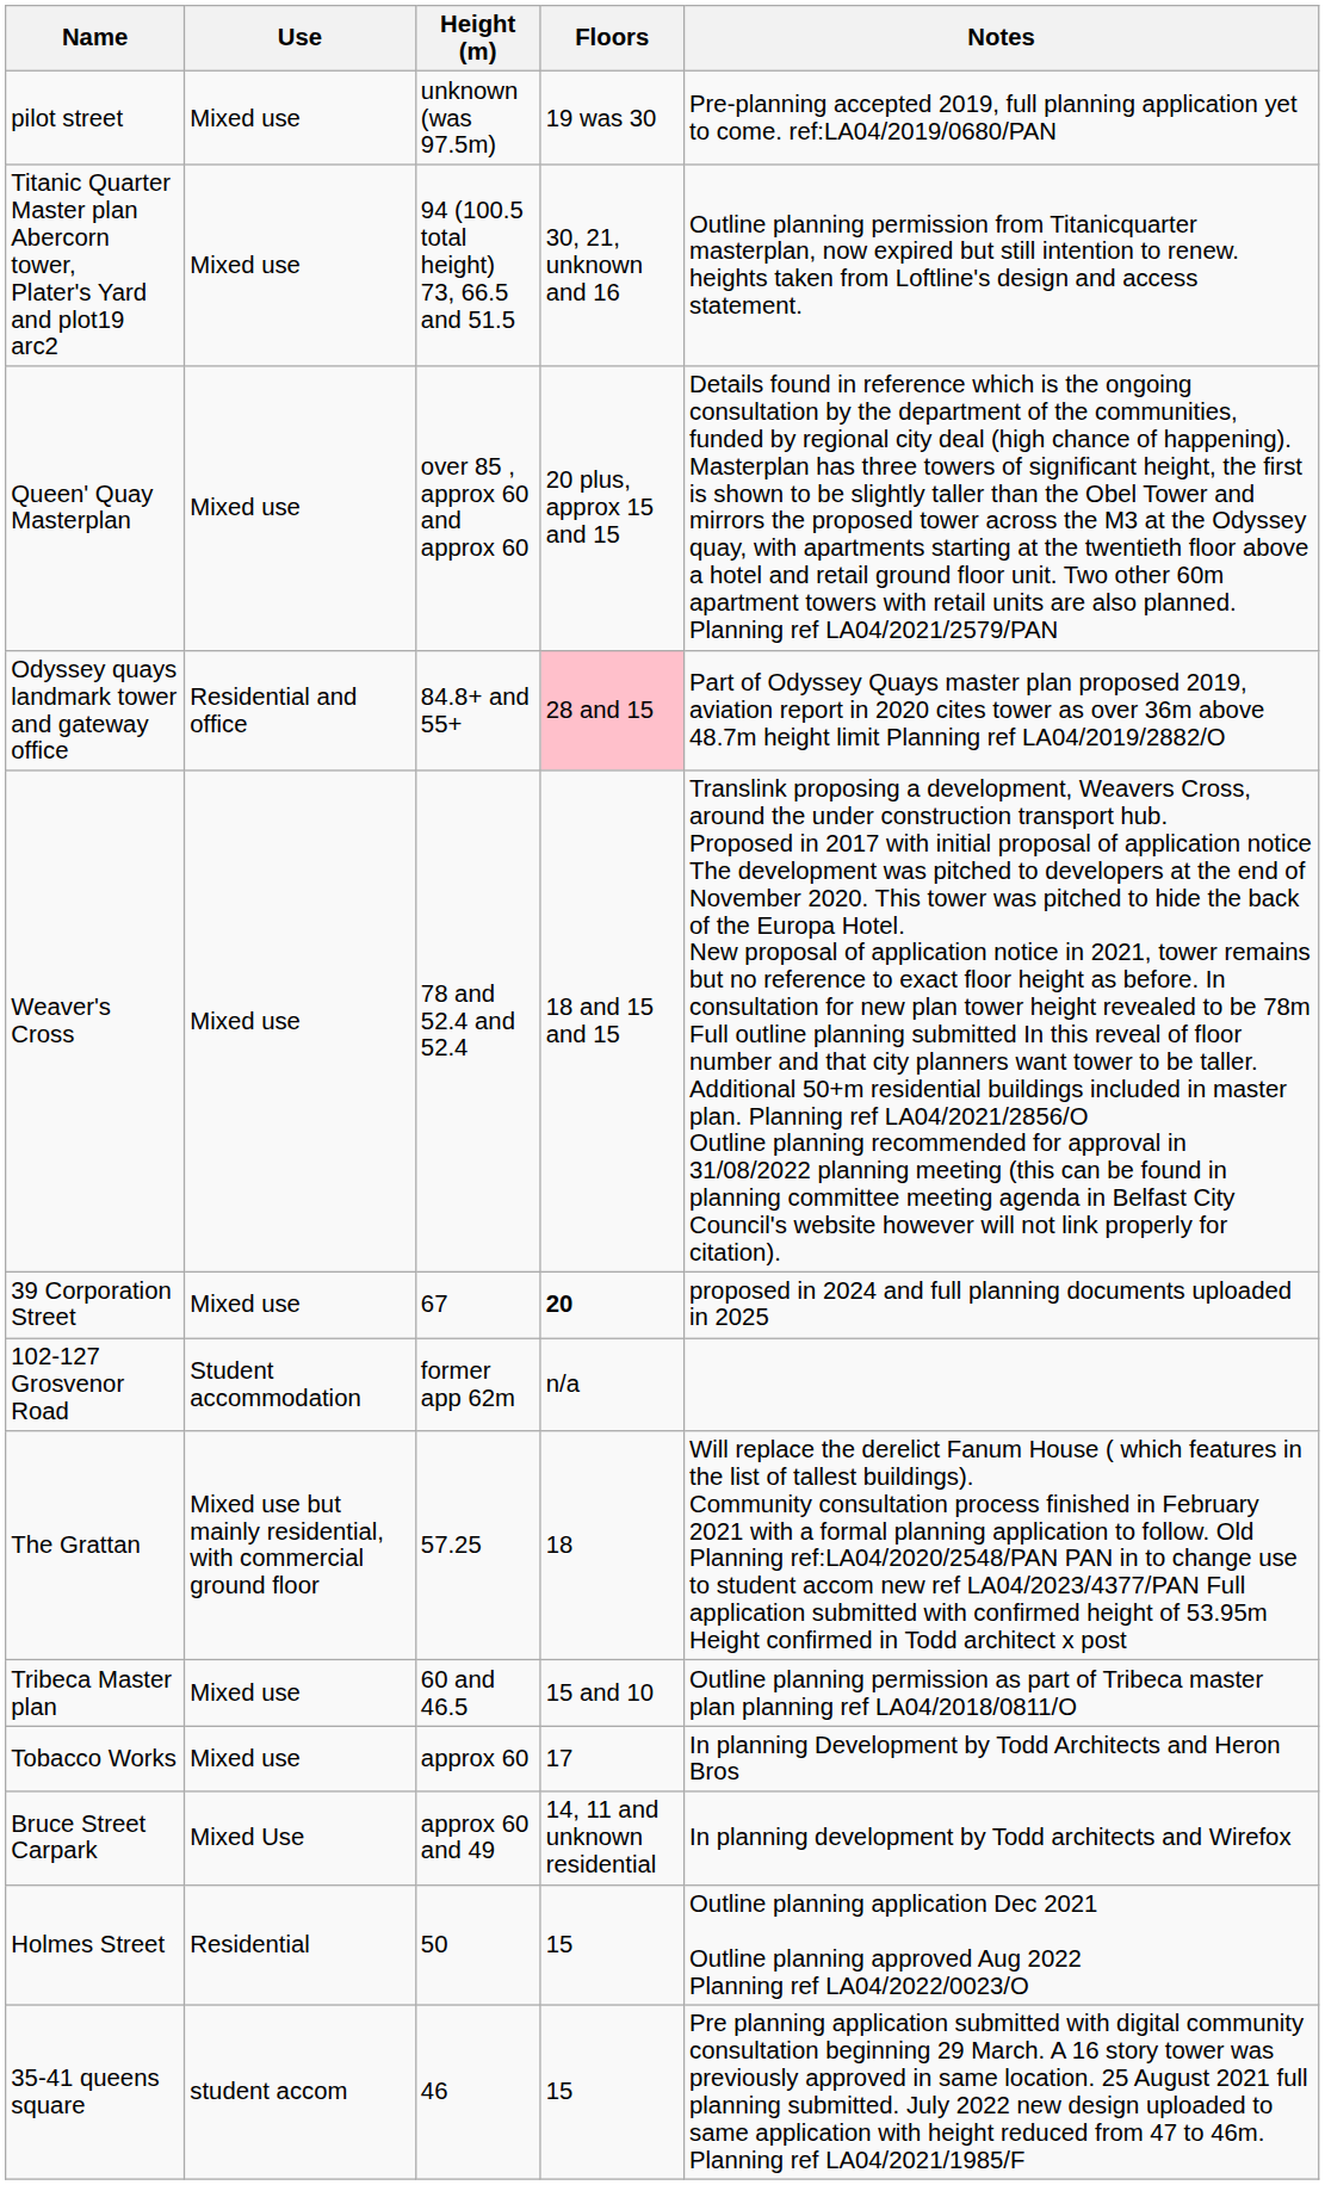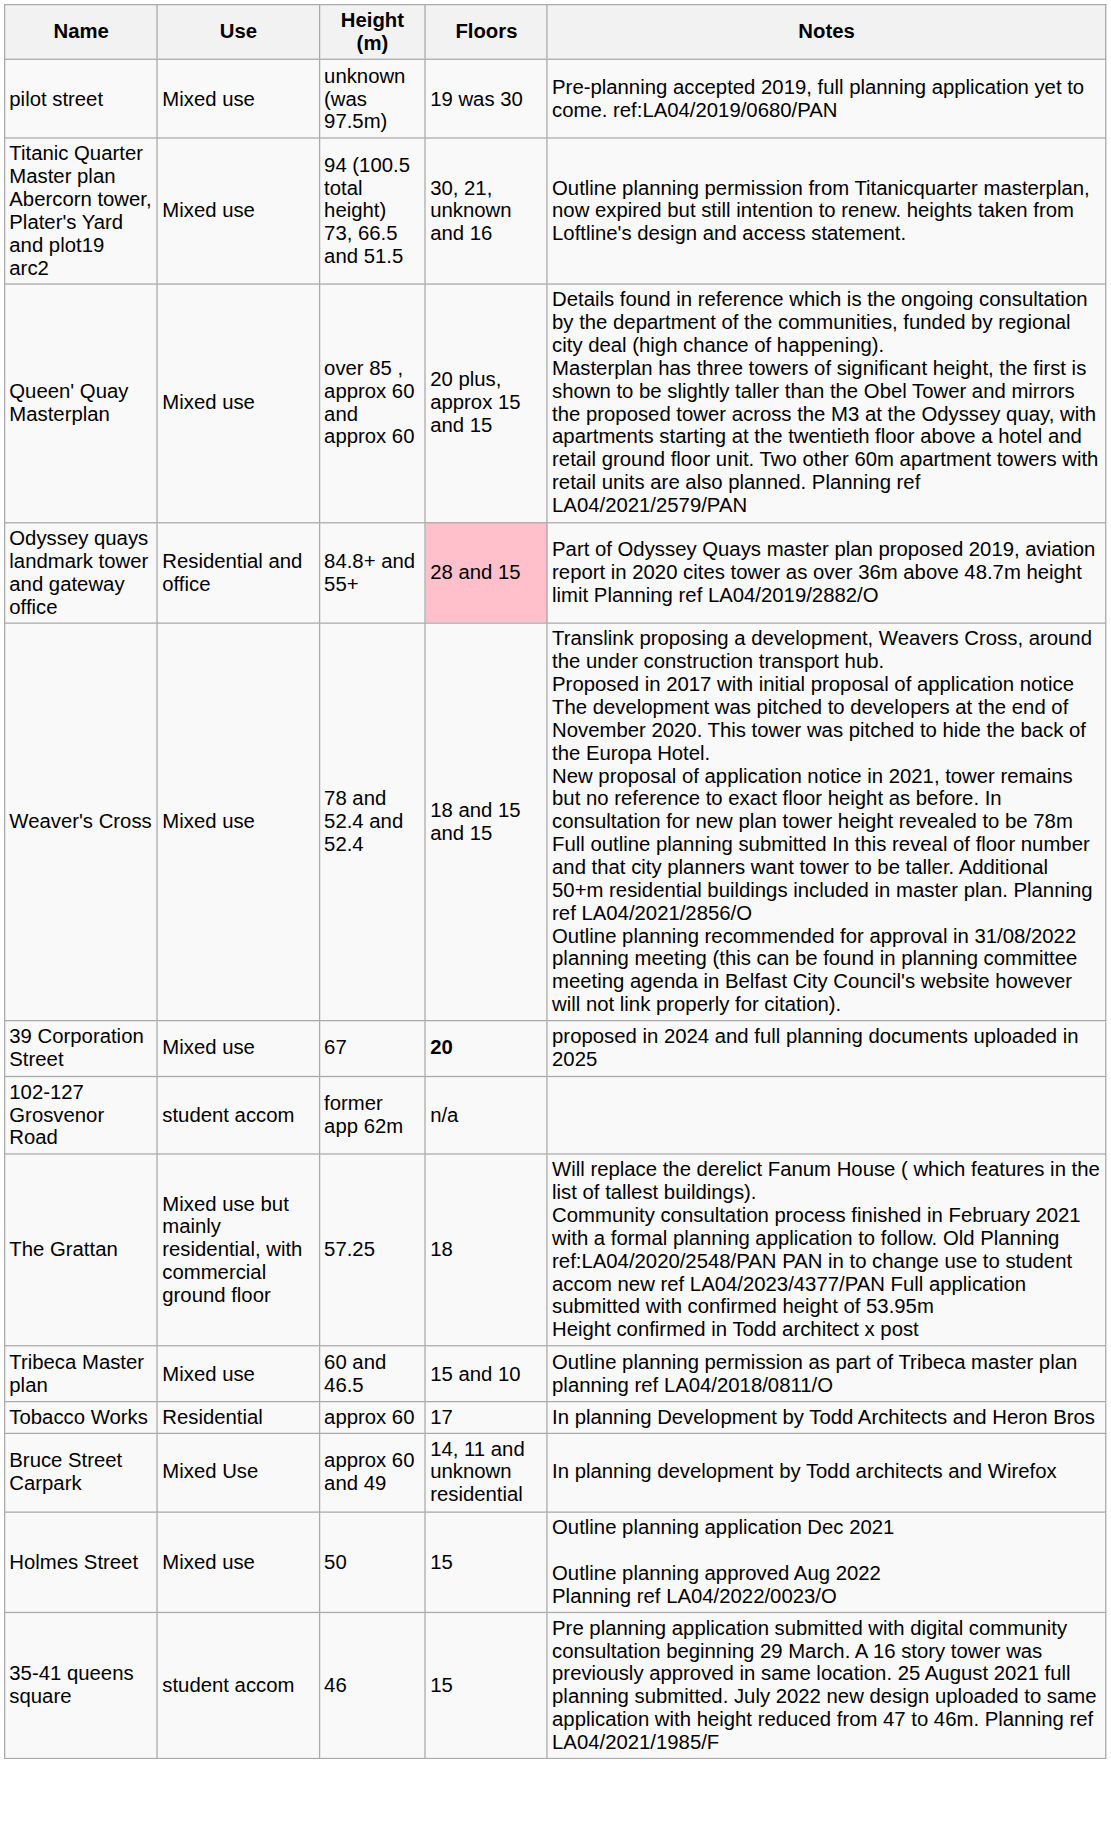 <table class="wikitable">
 <tr>
 <th>Name</th>
 <th>Use</th>
 <th>Height (m)</th>
 <th>Floors</th>
 <th>Notes</th>
 </tr>
 <tr>
 <td>pilot street</td>
 <td>Mixed use</td>
 <td>unknown (was 97.5m)</td>
 <td>19 was 30</td>
 <td>Pre-planning accepted 2019, full planning application yet to come. ref:LA04/2019/0680/PAN  </td>
 </tr>
 <tr>
 <td>Titanic Quarter Master plan Abercorn tower,<br>Plater's Yard and plot19<br>arc2</td>
 <td>Mixed use</td>
 <td>94 (100.5 total height)<br>73, 66.5 and 51.5</td>
 <td>30, 21, unknown and 16</td>
 <td>Outline planning permission from Titanicquarter masterplan, now expired but still intention to renew. heights taken from Loftline's design and access statement.</td>
 </tr>
 <tr>
 <td>Queen' Quay Masterplan</td>
 <td>Mixed use</td>
 <td>over 85 ,<br>approx 60 and approx 60</td>
 <td>20 plus,<br>approx 15 and 15</td>
 <td>Details found in reference which is the ongoing consultation by the department of the communities, funded by regional city deal (high chance of happening).<br>Masterplan has three towers of significant height, the first is shown to be slightly taller than the Obel Tower and mirrors the proposed tower across the M3 at the Odyssey quay, with apartments starting at the twentieth floor above a hotel and retail ground floor unit. Two other 60m apartment towers with retail units are also planned. Planning ref  LA04/2021/2579/PAN</td>
 </tr>
 <tr>
 <td>Odyssey quays landmark tower and gateway office</td>
 <td>Residential and office</td>
 <td>84.8+ and 55+</td>
 <td style="background: pink;">28 and 15</td>
 <td>Part of Odyssey Quays master plan proposed 2019, aviation report in 2020 cites tower as over 36m above 48.7m height limit  Planning ref  LA04/2019/2882/O</td>
 </tr>
 <tr>
 <td>Weaver's Cross</td>
 <td>Mixed use</td>
 <td>78 and 52.4 and 52.4</td>
 <td>18 and 15 and 15</td>
 <td>Translink proposing a development, Weavers Cross, around the under construction transport hub.<br>Proposed in 2017 with initial proposal of application notice <br>The development was pitched to developers at the end of November 2020. This tower was pitched to hide the back of the Europa Hotel.<br>New proposal of application notice in 2021, tower remains but no reference to exact floor height as before. In consultation for new plan tower height revealed to be 78m <br>Full outline planning submitted  In this reveal of floor number and that city planners want tower to be taller. Additional 50+m residential buildings included in master plan. Planning ref LA04/2021/2856/O<br>Outline planning recommended for approval in 31/08/2022 planning meeting (this can be found in planning committee meeting agenda in Belfast City Council's website however will not link properly for citation).</td>
 </tr>
 <tr>
 <td>39 Corporation Street</td>
 <td>Mixed use</td>
 <td>67</td>
 <td><strong>20</strong></td>
 <td>proposed in 2024 and full planning documents uploaded in 2025 </td>
 </tr>
 <tr>
 <td>102-127 Grosvenor Road</td>
-<td>Student accommodation</td>
+<td>student accom</td>
 <td>former app 62m</td>
 <td>n/a</td>
 <td></td>
 </tr>
 <tr>
 <td>The Grattan</td>
 <td>Mixed use but mainly residential, with commercial ground floor</td>
 <td>57.25</td>
 <td>18</td>
 <td>Will replace the derelict Fanum House ( which features in the list of tallest buildings).<br>Community consultation process finished in February  2021 with a formal planning application to follow. Old Planning ref:LA04/2020/2548/PAN PAN in to change use to student accom new ref LA04/2023/4377/PAN Full application submitted  with confirmed height of 53.95m<br>Height confirmed in Todd architect x post </td>
 </tr>
 <tr>
 <td>Tribeca Master plan</td>
 <td>Mixed use</td>
 <td>60 and 46.5</td>
 <td>15 and 10</td>
 <td>Outline planning permission as part of Tribeca master plan planning ref  LA04/2018/0811/O </td>
 </tr>
 <tr>
 <td>Tobacco Works</td>
-<td>Mixed use</td>
+<td>Residential</td>
 <td>approx 60</td>
 <td>17</td>
 <td> In planning Development by Todd Architects and Heron Bros</td>
 </tr>
 <tr>
 <td>Bruce Street Carpark</td>
 <td>Mixed Use</td>
 <td>approx 60 and 49</td>
 <td>14, 11 and unknown residential</td>
 <td>In planning development by Todd architects and Wirefox </td>
 </tr>
 <tr>
 <td>Holmes Street</td>
-<td>Residential</td>
+<td>Mixed use</td>
 <td>50</td>
 <td>15</td>
 <td>Outline planning application Dec 2021<br><br>Outline planning approved Aug 2022 <br>Planning ref LA04/2022/0023/O</td>
 </tr>
 <tr>
 <td>35-41 queens square</td>
 <td>student accom</td>
 <td>46</td>
 <td>15</td>
 <td>Pre planning application submitted with digital community consultation beginning 29 March. A 16 story tower was previously approved in same location. 25 August 2021 full planning submitted. July 2022 new design uploaded to same application with height reduced from 47 to 46m. Planning ref LA04/2021/1985/F</td>
 </tr>
 </table>
